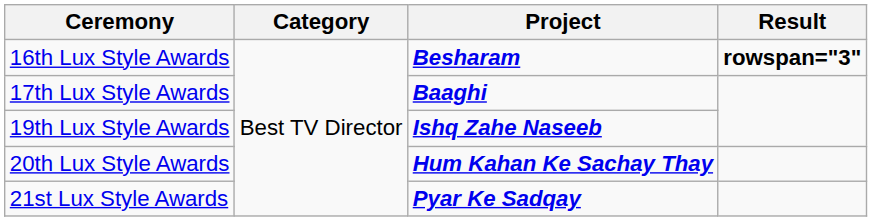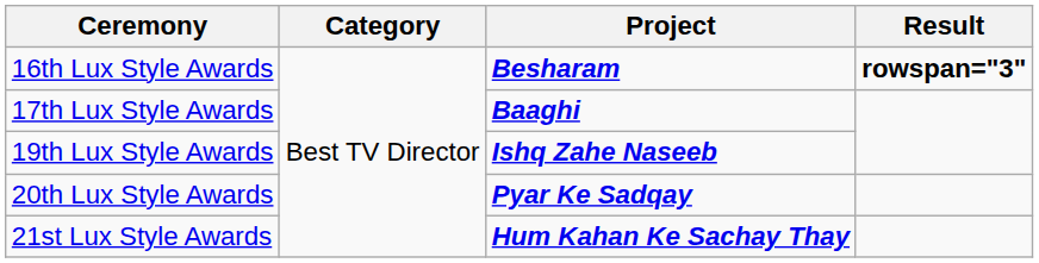 <table class="wikitable style">
 <tr>
 <th>Ceremony</th>
 <th>Category</th>
 <th>Project</th>
 <th>Result</th>
 </tr>
 <tr>
 <td><a href='#'>16th Lux Style Awards</a></td>
 <td rowspan="5">Best TV Director</td>
 <td><strong><em><a href='#'>Besharam</a></em></strong></td>
 <td><strong>rowspan="3" </strong></td>
 </tr>
 <tr>
 <td><a href='#'>17th Lux Style Awards</a></td>
 <td><strong><em><a href='#'>Baaghi</a></em></strong></td>
 </tr>
 <tr>
 <td><a href='#'>19th Lux Style Awards</a></td>
 <td><strong><em><a href='#'>Ishq Zahe Naseeb</a></em></strong></td>
 </tr>
 <tr>
 <td><a href='#'>20th Lux Style Awards</a></td>
-<td><strong><em><a href='#'>Hum Kahan Ke Sachay Thay</a></em></strong></td>
+<td><strong><em><a href='#'>Pyar Ke Sadqay</a></em></strong></td>
 <td></td>
 </tr>
 <tr>
 <td><a href='#'>21st Lux Style Awards</a></td>
-<td><strong><em><a href='#'>Pyar Ke Sadqay</a></em></strong></td>
+<td><strong><em><a href='#'>Hum Kahan Ke Sachay Thay</a></em></strong></td>
 <td></td>
 </tr>
 </table>
